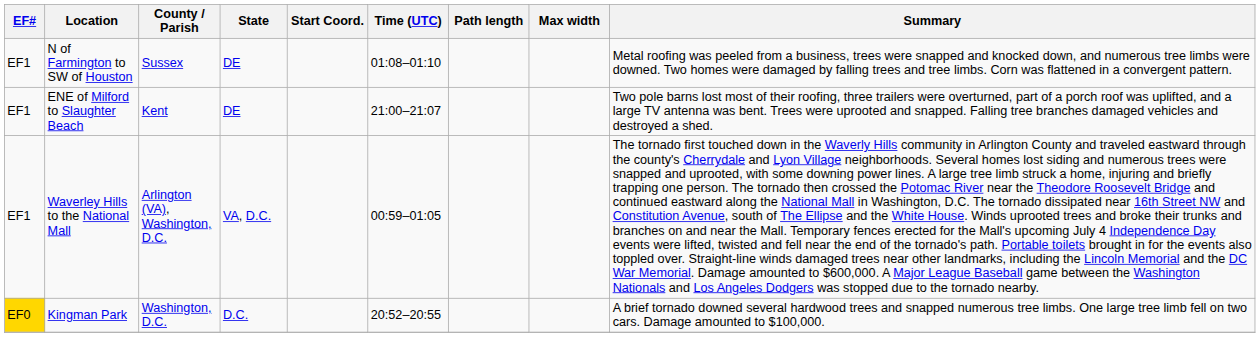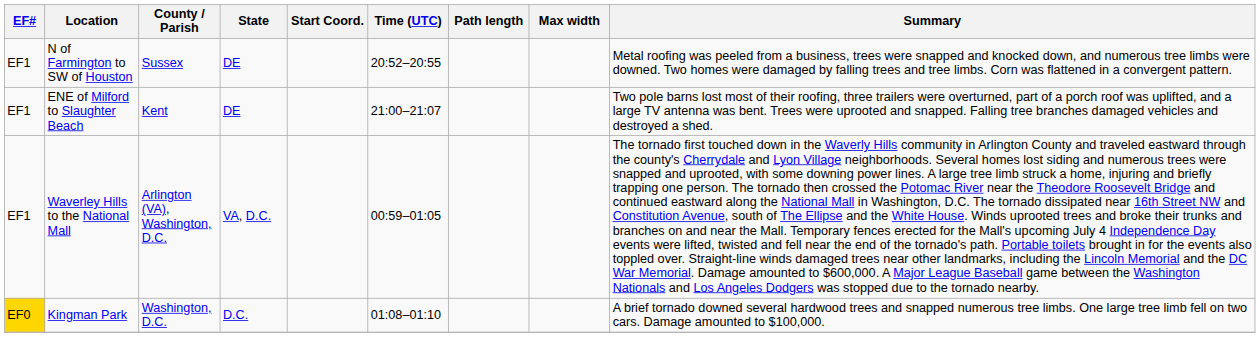 <table class="wikitable sortable" style="width:100%;">
 <tr>
 <th scope="col"  style="width:3%; text-align:center;"><a href='#'>EF#</a></th>
 <th scope="col"  style="width:7%; text-align:center;" class="unsortable">Location</th>
 <th scope="col"  style="width:6%; text-align:center;" class="unsortable">County / Parish</th>
 <th scope="col"  style="width:5%; text-align:center;">State</th>
 <th scope="col"  style="width:6%; text-align:center;">Start Coord.</th>
 <th scope="col"  style="width:6%; text-align:center;">Time (<a href='#'>UTC</a>)</th>
 <th scope="col"  style="width:6%; text-align:center;">Path length</th>
 <th scope="col"  style="width:6%; text-align:center;">Max width</th>
 <th scope="col" class="unsortable" style="width:48%; text-align:center;">Summary</th>
 </tr>
 <tr>
 <td>EF1</td>
 <td>N of <a href='#'>Farmington</a> to SW of <a href='#'>Houston</a></td>
 <td><a href='#'>Sussex</a></td>
 <td><a href='#'>DE</a></td>
 <td></td>
-<td>01:08–01:10</td>
+<td>20:52–20:55</td>
 <td></td>
 <td></td>
 <td>Metal roofing was peeled from a business, trees were snapped and knocked down, and numerous tree limbs were downed. Two homes were damaged by falling trees and tree limbs. Corn was flattened in a convergent pattern.</td>
 </tr>
 <tr>
 <td>EF1</td>
 <td>ENE of <a href='#'>Milford</a> to <a href='#'>Slaughter Beach</a></td>
 <td><a href='#'>Kent</a></td>
 <td><a href='#'>DE</a></td>
 <td></td>
 <td>21:00–21:07</td>
 <td></td>
 <td></td>
 <td>Two pole barns lost most of their roofing, three trailers were overturned, part of a porch roof was uplifted, and a large TV antenna was bent. Trees were uprooted and snapped. Falling tree branches damaged vehicles and destroyed a shed.</td>
 </tr>
 <tr>
 <td>EF1</td>
 <td><a href='#'>Waverley Hills</a> to the <a href='#'>National Mall</a></td>
 <td><a href='#'>Arlington (VA)</a>, <a href='#'>Washington, D.C.</a></td>
 <td><a href='#'>VA</a>, <a href='#'>D.C.</a></td>
 <td></td>
 <td>00:59–01:05</td>
 <td></td>
 <td></td>
 <td>The tornado first touched down in the <a href='#'>Waverly Hills</a> community in Arlington County and traveled eastward through the county's <a href='#'>Cherrydale</a> and <a href='#'>Lyon Village</a> neighborhoods. Several homes lost siding and numerous trees were snapped and uprooted, with some downing power lines. A large tree limb struck a home, injuring and briefly trapping one person. The tornado then crossed the <a href='#'>Potomac River</a> near the <a href='#'>Theodore Roosevelt Bridge</a> and continued eastward along the <a href='#'>National Mall</a> in Washington, D.C.  The tornado dissipated near <a href='#'>16th Street NW</a> and <a href='#'>Constitution Avenue</a>, south of <a href='#'>The Ellipse</a> and the <a href='#'>White House</a>. Winds uprooted trees and broke their trunks and branches on and near the Mall. Temporary fences erected for the Mall's upcoming July 4 <a href='#'>Independence Day</a> events were lifted, twisted and fell near the end of the tornado's path. <a href='#'>Portable toilets</a> brought in for the events also toppled over. Straight-line winds damaged trees near other landmarks, including the <a href='#'>Lincoln Memorial</a> and the <a href='#'>DC War Memorial</a>. Damage amounted to $600,000. A <a href='#'>Major League Baseball</a> game between the <a href='#'>Washington Nationals</a> and <a href='#'>Los Angeles Dodgers</a> was stopped due to the tornado nearby.</td>
 </tr>
 <tr>
 <td style="background: gold;">EF0</td>
 <td><a href='#'>Kingman Park</a></td>
 <td><a href='#'>Washington, D.C.</a></td>
 <td><a href='#'>D.C.</a></td>
 <td></td>
-<td>20:52–20:55</td>
+<td>01:08–01:10</td>
 <td></td>
 <td></td>
 <td>A brief tornado downed several hardwood trees and snapped numerous tree limbs. One large tree limb fell on two cars. Damage amounted to $100,000.</td>
 </tr>
 <tr>
 </tr>
 </table>
